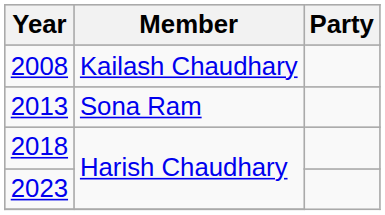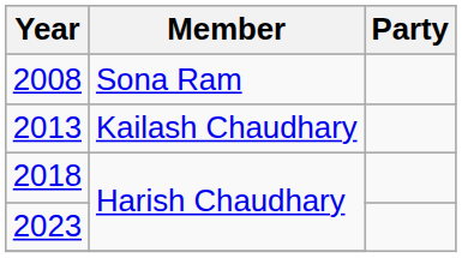 <table class="wikitable sortable">
 <tr>
 <th>Year</th>
 <th>Member</th>
 <th colspan="2">Party</th>
 </tr>
 <tr>
 <td><a href='#'>2008</a></td>
-<td><a href='#'>Kailash Chaudhary</a></td>
+<td><a href='#'>Sona Ram</a></td>
 <td></td>
 </tr>
 <tr>
 <td><a href='#'>2013</a></td>
-<td><a href='#'>Sona Ram</a></td>
+<td><a href='#'>Kailash Chaudhary</a></td>
 <td></td>
 </tr>
 <tr>
 <td><a href='#'>2018</a></td>
 <td rowspan=2><a href='#'>Harish Chaudhary</a></td>
 <td></td>
 </tr>
 <tr>
 <td><a href='#'>2023</a></td>
 </tr>
 <tr>
 </tr>
 </table>
